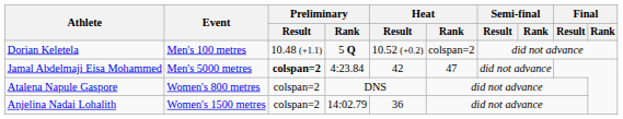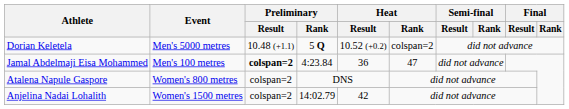 <table class=wikitable style=font-size:90%>
 <tr>
 <th rowspan=2>Athlete</th>
 <th rowspan=2>Event</th>
 <th colspan=2>Preliminary</th>
 <th colspan=2>Heat</th>
 <th colspan=2>Semi-final</th>
 <th colspan=2>Final</th>
 </tr>
 <tr style=font-size:95%>
 <th>Result</th>
 <th>Rank</th>
 <th>Result</th>
 <th>Rank</th>
 <th>Result</th>
 <th>Rank</th>
 <th>Result</th>
 <th>Rank</th>
 </tr>
 <tr align=center>
 <td align=left><a href='#'>Dorian Keletela</a></td>
-<td align=left><a href='#'>Men's 100 metres</a></td>
+<td align=left><a href='#'>Men's 5000 metres</a></td>
 <td>10.48 <small>(+1.1)</small></td>
 <td>5 <strong>Q</strong></td>
 <td>10.52 <small>(+0.2)</small></td>
 <td>colspan=2</td>
 <td colspan="4"><em>did not advance</em></td>
 </tr>
 <tr align=center>
 <td align=left><a href='#'>Jamal Abdelmaji Eisa Mohammed</a></td>
-<td align=left><a href='#'>Men's 5000 metres</a></td>
+<td align=left><a href='#'>Men's 100 metres</a></td>
 <td><strong>colspan=2</strong></td>
 <td>4:23.84</td>
-<td>42</td>
+<td>36</td>
 <td>47</td>
 <td colspan="2"><em>did not advance</em></td>
 </tr>
 <tr align=center>
 <td align=left><a href='#'>Atalena Napule Gaspore</a></td>
 <td align=left><a href='#'>Women's 800 metres</a></td>
 <td>colspan=2</td>
 <td colspan="2">DNS</td>
 <td colspan="4"><em>did not advance</em></td>
 </tr>
 <tr align=center>
 <td align=left><a href='#'>Anjelina Nadai Lohalith</a></td>
 <td align=left><a href='#'>Women's 1500 metres</a></td>
 <td>colspan=2</td>
 <td>14:02.79</td>
-<td>36</td>
+<td>42</td>
 <td colspan="4"><em>did not advance</em></td>
 </tr>
 </table>
